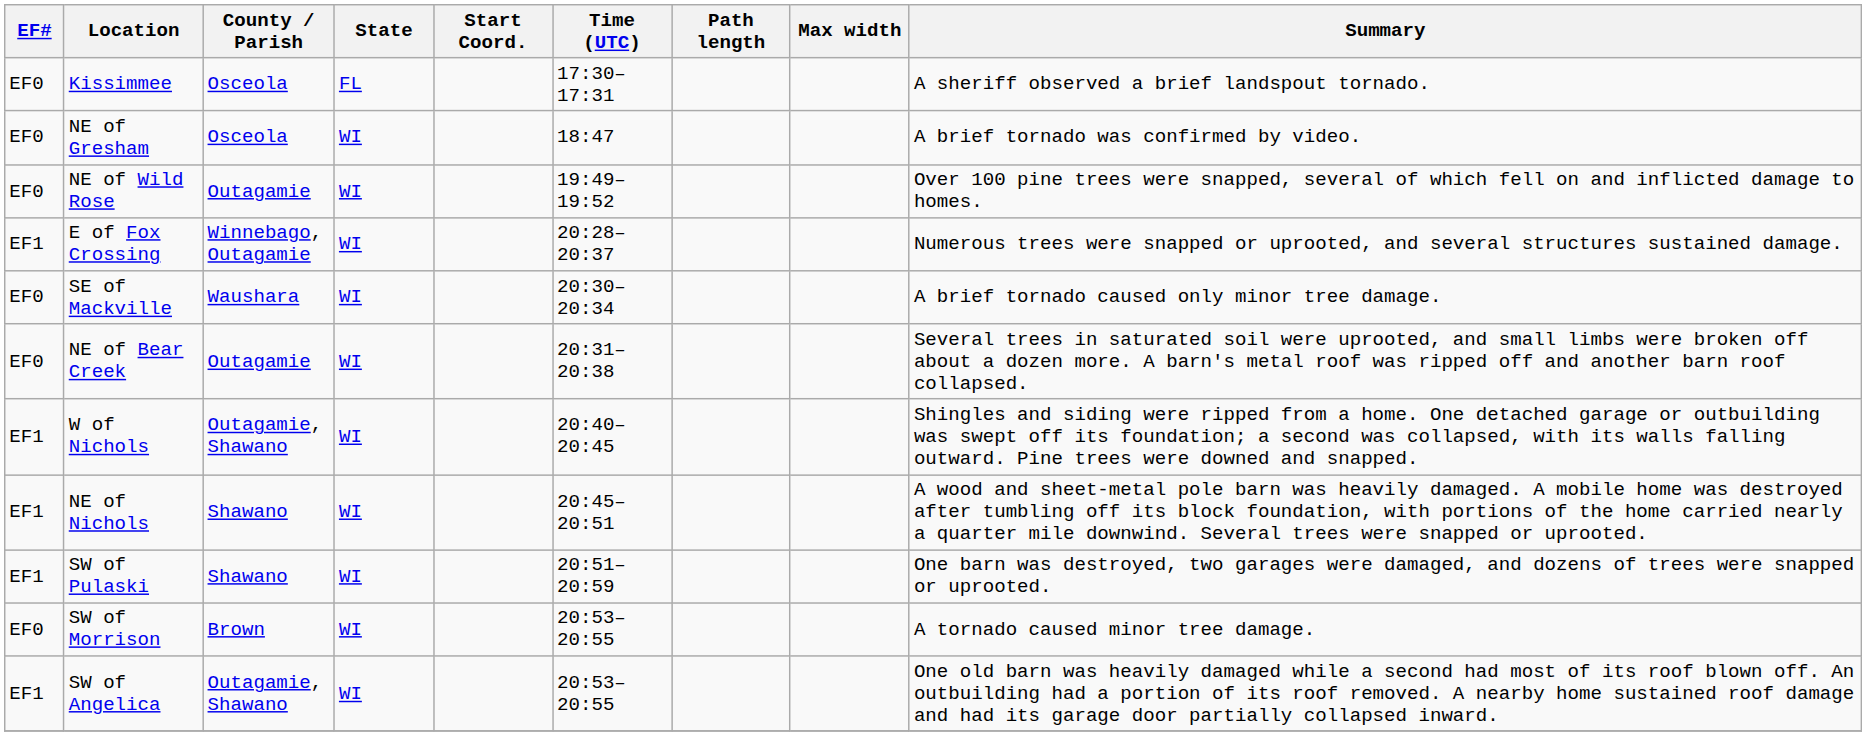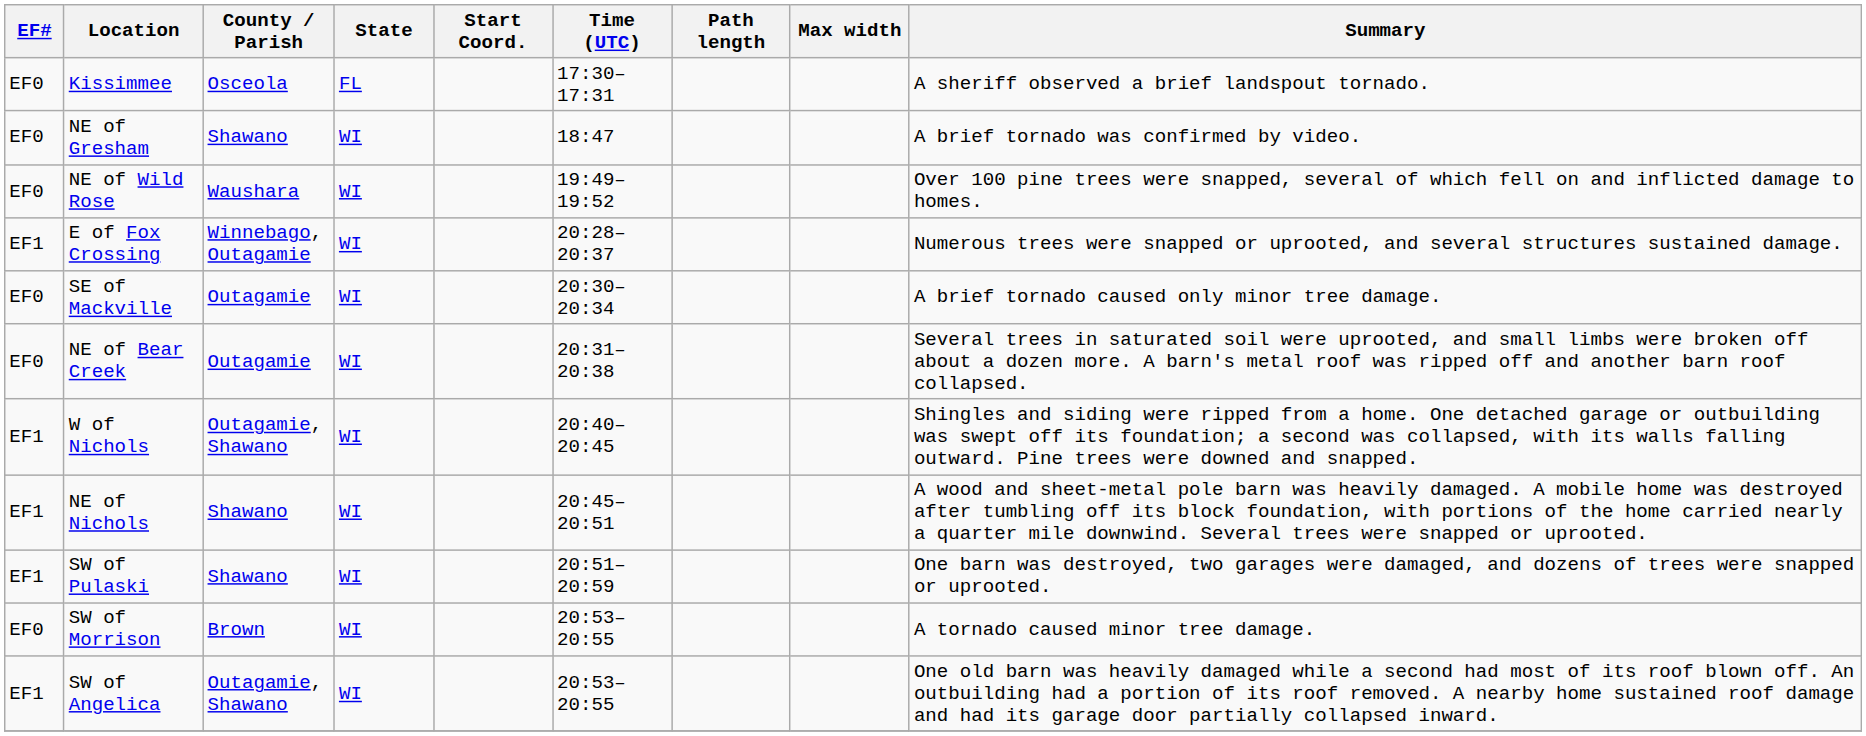 <table class="wikitable sortable" style="width:100%;">
 <tr>
 <th scope="col"  style="width:3%; text-align:center;"><a href='#'>EF#</a></th>
 <th scope="col"  style="width:7%; text-align:center;" class="unsortable">Location</th>
 <th scope="col"  style="width:6%; text-align:center;" class="unsortable">County / Parish</th>
 <th scope="col"  style="width:5%; text-align:center;">State</th>
 <th scope="col"  style="width:6%; text-align:center;">Start Coord.</th>
 <th scope="col"  style="width:6%; text-align:center;">Time (<a href='#'>UTC</a>)</th>
 <th scope="col"  style="width:6%; text-align:center;">Path length</th>
 <th scope="col"  style="width:6%; text-align:center;">Max width</th>
 <th scope="col" class="unsortable" style="width:48%; text-align:center;">Summary</th>
 </tr>
 <tr>
 <td>EF0</td>
 <td><a href='#'>Kissimmee</a></td>
 <td><a href='#'>Osceola</a></td>
 <td><a href='#'>FL</a></td>
 <td></td>
 <td>17:30–17:31</td>
 <td></td>
 <td></td>
 <td>A sheriff observed a brief landspout tornado.</td>
 </tr>
 <tr>
 <td>EF0</td>
 <td>NE of <a href='#'>Gresham</a></td>
-<td><a href='#'>Osceola</a></td>
+<td><a href='#'>Shawano</a></td>
 <td><a href='#'>WI</a></td>
 <td></td>
 <td>18:47</td>
 <td></td>
 <td></td>
 <td>A brief tornado was confirmed by video.</td>
 </tr>
 <tr>
 <td>EF0</td>
 <td>NE of <a href='#'>Wild Rose</a></td>
-<td><a href='#'>Outagamie</a></td>
+<td><a href='#'>Waushara</a></td>
 <td><a href='#'>WI</a></td>
 <td></td>
 <td>19:49–19:52</td>
 <td></td>
 <td></td>
 <td>Over 100 pine trees were snapped, several of which fell on and inflicted damage to homes.</td>
 </tr>
 <tr>
 <td>EF1</td>
 <td>E of <a href='#'>Fox Crossing</a></td>
 <td><a href='#'>Winnebago</a>, <a href='#'>Outagamie</a></td>
 <td><a href='#'>WI</a></td>
 <td></td>
 <td>20:28–20:37</td>
 <td></td>
 <td></td>
 <td>Numerous trees were snapped or uprooted, and several structures sustained damage.</td>
 </tr>
 <tr>
 <td>EF0</td>
 <td>SE of <a href='#'>Mackville</a></td>
-<td><a href='#'>Waushara</a></td>
+<td><a href='#'>Outagamie</a></td>
 <td><a href='#'>WI</a></td>
 <td></td>
 <td>20:30–20:34</td>
 <td></td>
 <td></td>
 <td>A brief tornado caused only minor tree damage.</td>
 </tr>
 <tr>
 <td>EF0</td>
 <td>NE of <a href='#'>Bear Creek</a></td>
 <td><a href='#'>Outagamie</a></td>
 <td><a href='#'>WI</a></td>
 <td></td>
 <td>20:31–20:38</td>
 <td></td>
 <td></td>
 <td>Several trees in saturated soil were uprooted, and small limbs were broken off about a dozen more. A barn's metal roof was ripped off and another barn roof collapsed.</td>
 </tr>
 <tr>
 <td>EF1</td>
 <td>W of <a href='#'>Nichols</a></td>
 <td><a href='#'>Outagamie</a>, <a href='#'>Shawano</a></td>
 <td><a href='#'>WI</a></td>
 <td></td>
 <td>20:40–20:45</td>
 <td></td>
 <td></td>
 <td>Shingles and siding were ripped from a home. One detached garage or outbuilding was swept off its foundation; a second was collapsed, with its walls falling outward. Pine trees were downed and snapped.</td>
 </tr>
 <tr>
 <td>EF1</td>
 <td>NE of <a href='#'>Nichols</a></td>
 <td><a href='#'>Shawano</a></td>
 <td><a href='#'>WI</a></td>
 <td></td>
 <td>20:45–20:51</td>
 <td></td>
 <td></td>
 <td>A wood and sheet-metal pole barn was heavily damaged. A mobile home was destroyed after tumbling off its block foundation, with portions of the home carried nearly a quarter mile downwind. Several trees were snapped or uprooted.</td>
 </tr>
 <tr>
 <td>EF1</td>
 <td>SW of <a href='#'>Pulaski</a></td>
 <td><a href='#'>Shawano</a></td>
 <td><a href='#'>WI</a></td>
 <td></td>
 <td>20:51–20:59</td>
 <td></td>
 <td></td>
 <td>One barn was destroyed, two garages were damaged, and dozens of trees were snapped or uprooted.</td>
 </tr>
 <tr>
 <td>EF0</td>
 <td>SW of <a href='#'>Morrison</a></td>
 <td><a href='#'>Brown</a></td>
 <td><a href='#'>WI</a></td>
 <td></td>
 <td>20:53–20:55</td>
 <td></td>
 <td></td>
 <td>A tornado caused minor tree damage.</td>
 </tr>
 <tr>
 <td>EF1</td>
 <td>SW of <a href='#'>Angelica</a></td>
 <td><a href='#'>Outagamie</a>, <a href='#'>Shawano</a></td>
 <td><a href='#'>WI</a></td>
 <td></td>
 <td>20:53–20:55</td>
 <td></td>
 <td></td>
 <td>One old barn was heavily damaged while a second had most of its roof blown off. An outbuilding had a portion of its roof removed. A nearby home sustained roof damage and had its garage door partially collapsed inward.</td>
 </tr>
 <tr>
 </tr>
 </table>
